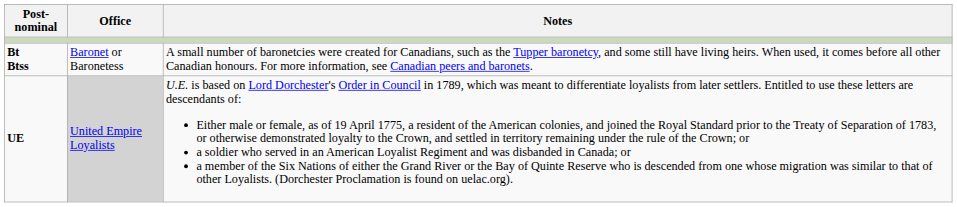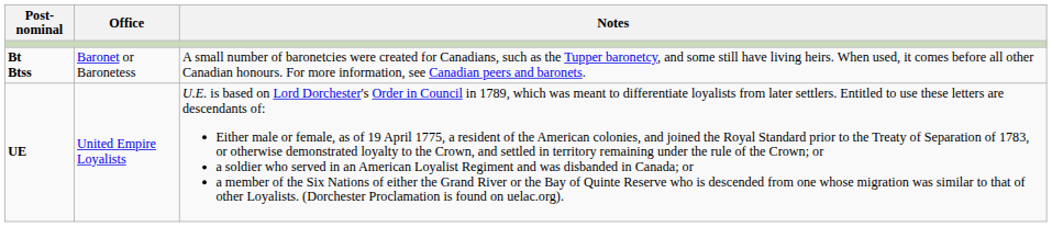 <table class="wikitable">
 <tr>
 <th>Post-nominal</th>
 <th>Office</th>
 <th>Notes</th>
 </tr>
 <tr>
 <td colspan="3" bgcolor="#CADABA"></td>
 </tr>
 <tr>
 <td><strong>Bt</strong><br><strong>Btss</strong></td>
 <td><a href='#'>Baronet</a> or Baronetess</td>
 <td>A small number of baronetcies were created for Canadians, such as the <a href='#'>Tupper baronetcy</a>, and some still have living heirs. When used, it comes before all other Canadian honours. For more information, see <a href='#'>Canadian peers and baronets</a>.</td>
 </tr>
 <tr>
 <td><strong>UE</strong></td>
-<td style="background: lightgrey;"><a href='#'>United Empire Loyalists</a></td>
+<td><a href='#'>United Empire Loyalists</a></td>
 <td><em>U.E.</em> is based on <a href='#'>Lord Dorchester</a>'s <a href='#'>Order in Council</a> in 1789, which was meant to differentiate loyalists from later settlers. Entitled to use these letters are descendants of:<br><ul><li>Either male or female, as of 19 April 1775, a resident of the American colonies, and joined the Royal Standard prior to the Treaty of Separation of 1783, or otherwise demonstrated loyalty to the Crown, and settled in territory remaining under the rule of the Crown; or</li><li>a soldier who served in an American Loyalist Regiment and was disbanded in Canada; or</li><li>a member of the Six Nations of either the Grand River or the Bay of Quinte Reserve who is descended from one whose migration was similar to that of other Loyalists. (Dorchester Proclamation is found on uelac.org).</li></ul></td>
 </tr>
 </table>
